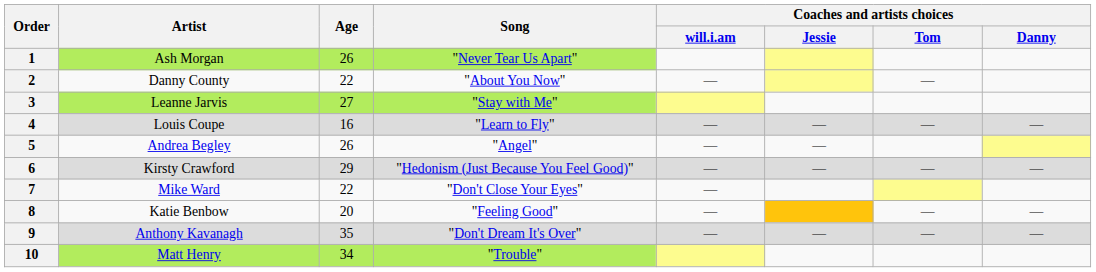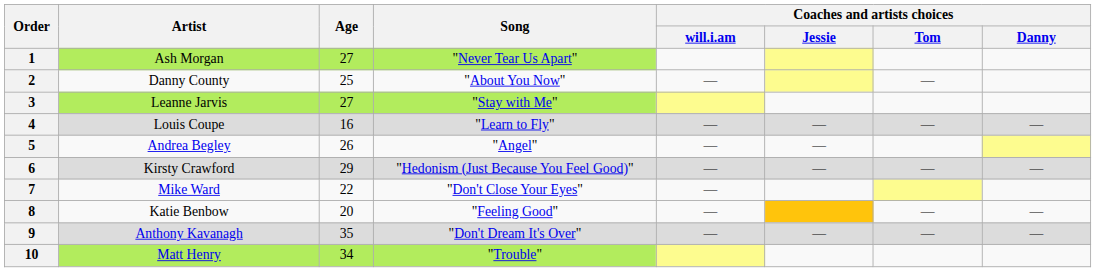 <table class="wikitable" style="text-align:center;width:100%;">
 <tr>
 <th scope="col" rowspan="2" style="width:05%;">Order</th>
 <th scope="col" rowspan="2" style="width:24%;">Artist</th>
 <th scope="col" rowspan="2" style="width:05%;">Age</th>
 <th scope="col" rowspan="2" style="width:26%;">Song</th>
 <th colspan="4" style="width:40%;">Coaches and artists choices</th>
 </tr>
 <tr>
 <th style="width:10%;"><a href='#'>will.i.am</a></th>
 <th style="width:10%;"><a href='#'>Jessie</a></th>
 <th style="width:10%;"><a href='#'>Tom</a></th>
 <th style="width:10%;"><a href='#'>Danny</a></th>
 </tr>
 <tr>
 <th scope="col">1</th>
 <td style="background-color:#B2EC5D;">Ash Morgan</td>
-<td style="background-color:#B2EC5D;">26</td>
+<td style="background-color:#B2EC5D;">27</td>
 <td style="background-color:#B2EC5D;">"<a href='#'>Never Tear Us Apart</a>"</td>
 <td><strong></strong></td>
 <td style="background:#fdfc8f; text-align:center;"><strong></strong></td>
 <td><strong></strong></td>
 <td><strong></strong></td>
 </tr>
 <tr>
 <th scope="col">2</th>
 <td>Danny County</td>
-<td>22</td>
+<td>25</td>
 <td>"<a href='#'>About You Now</a>"</td>
 <td>—</td>
 <td style="background:#fdfc8f; text-align:center;"><strong></strong></td>
 <td>—</td>
 <td><strong></strong></td>
 </tr>
 <tr>
 <th scope="col">3</th>
 <td style="background-color:#B2EC5D;">Leanne Jarvis</td>
 <td style="background-color:#B2EC5D;">27</td>
 <td style="background-color:#B2EC5D;">"<a href='#'>Stay with Me</a>"</td>
 <td style="background:#fdfc8f; text-align:center;"><strong></strong></td>
 <td><strong></strong></td>
 <td><strong></strong></td>
 <td><strong></strong></td>
 </tr>
 <tr style="background:#DCDCDC">
 <th scope="col">4</th>
 <td>Louis Coupe</td>
 <td>16</td>
 <td>"<a href='#'>Learn to Fly</a>"</td>
 <td>—</td>
 <td>—</td>
 <td>—</td>
 <td>—</td>
 </tr>
 <tr>
 <th scope="col">5</th>
 <td><a href='#'>Andrea Begley</a></td>
 <td>26</td>
 <td>"<a href='#'>Angel</a>"</td>
 <td>—</td>
 <td>—</td>
 <td><strong></strong></td>
 <td style="background:#fdfc8f; text-align:center;"><strong></strong></td>
 </tr>
 <tr style="background:#DCDCDC">
 <th scope="col">6</th>
 <td>Kirsty Crawford</td>
 <td>29</td>
 <td>"<a href='#'>Hedonism (Just Because You Feel Good)</a>"</td>
 <td>—</td>
 <td>—</td>
 <td>—</td>
 <td>—</td>
 </tr>
 <tr>
 <th scope="col">7</th>
 <td><a href='#'>Mike Ward</a></td>
 <td>22</td>
 <td>"<a href='#'>Don't Close Your Eyes</a>"</td>
 <td>—</td>
 <td><strong></strong></td>
 <td style="background:#fdfc8f; text-align:center;"><strong></strong></td>
 <td><strong></strong></td>
 </tr>
 <tr>
 <th scope="col">8</th>
 <td>Katie Benbow</td>
 <td>20</td>
 <td>"<a href='#'>Feeling Good</a>"</td>
 <td>—</td>
 <td style="background:#FFC40C; text-align:center;"><strong></strong></td>
 <td>—</td>
 <td>—</td>
 </tr>
 <tr style="background:#DCDCDC">
 <th scope="col">9</th>
 <td><a href='#'>Anthony Kavanagh</a></td>
 <td>35</td>
 <td>"<a href='#'>Don't Dream It's Over</a>"</td>
 <td>—</td>
 <td>—</td>
 <td>—</td>
 <td>—</td>
 </tr>
 <tr>
 <th scope="col">10</th>
 <td style="background-color:#B2EC5D;"><a href='#'>Matt Henry</a></td>
 <td style="background-color:#B2EC5D;">34</td>
 <td style="background-color:#B2EC5D;">"<a href='#'>Trouble</a>"</td>
 <td style="background:#fdfc8f; text-align:center;"><strong></strong></td>
 <td><strong></strong></td>
 <td><strong></strong></td>
 <td><strong></strong></td>
 </tr>
 </table>
